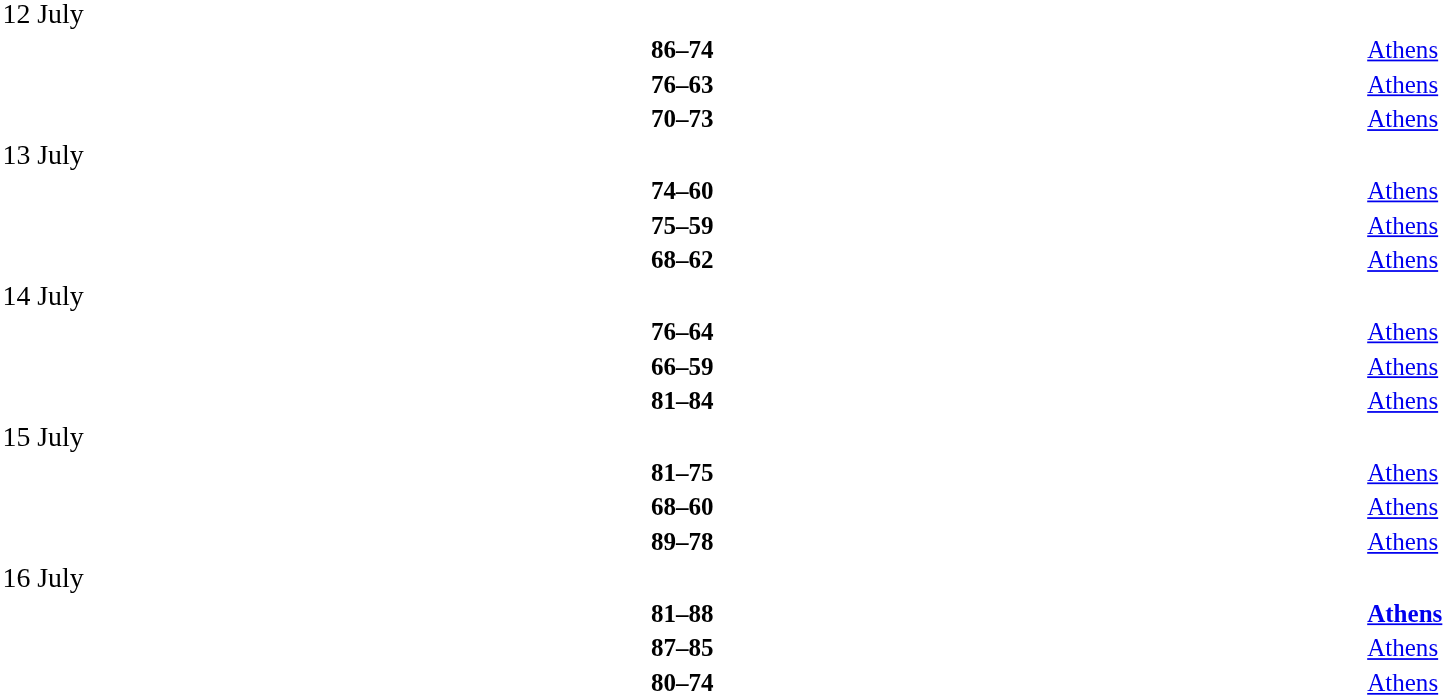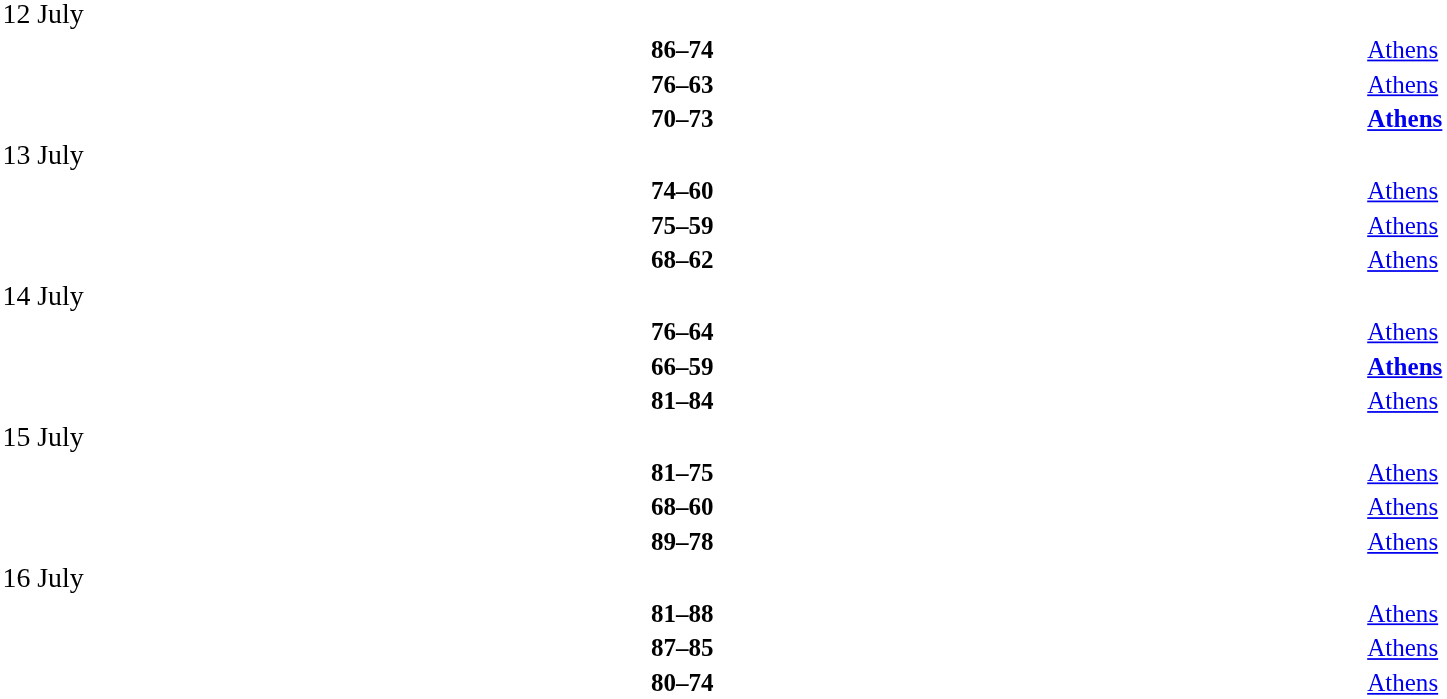 <table style="width:100%;" cellspacing="1">
 <tr>
 <th width=25%></th>
 <th width=3%></th>
 <th width=6%></th>
 <th width=3%></th>
 <th width=25%></th>
 </tr>
 <tr>
 <td>12 July</td>
 </tr>
 <tr style=font-size:90%>
 <td align=right><strong></strong></td>
 <td></td>
 <td align=center><strong>86–74</strong></td>
 <td></td>
 <td><strong></strong></td>
 <td><a href='#'>Athens</a></td>
 </tr>
 <tr style=font-size:90%>
 <td align=right><strong></strong></td>
 <td></td>
 <td align=center><strong>76–63</strong></td>
 <td></td>
 <td><strong></strong></td>
 <td><a href='#'>Athens</a></td>
 </tr>
 <tr style=font-size:90%>
 <td align=right><strong></strong></td>
 <td></td>
 <td align=center><strong>70–73</strong></td>
 <td></td>
 <td><strong></strong></td>
-<td><a href='#'>Athens</a></td>
+<td><strong><a href='#'>Athens</a></strong></td>
 </tr>
 <tr>
 <td>13 July</td>
 </tr>
 <tr style=font-size:90%>
 <td align=right><strong></strong></td>
 <td></td>
 <td align=center><strong>74–60</strong></td>
 <td></td>
 <td><strong></strong></td>
 <td><a href='#'>Athens</a></td>
 </tr>
 <tr style=font-size:90%>
 <td align=right><strong></strong></td>
 <td></td>
 <td align=center><strong>75–59</strong></td>
 <td></td>
 <td><strong></strong></td>
 <td><a href='#'>Athens</a></td>
 </tr>
 <tr style=font-size:90%>
 <td align=right><strong></strong></td>
 <td></td>
 <td align=center><strong>68–62</strong></td>
 <td></td>
 <td><strong></strong></td>
 <td><a href='#'>Athens</a></td>
 </tr>
 <tr>
 <td>14 July</td>
 </tr>
 <tr style=font-size:90%>
 <td align=right><strong></strong></td>
 <td></td>
 <td align=center><strong>76–64</strong></td>
 <td></td>
 <td><strong></strong></td>
 <td><a href='#'>Athens</a></td>
 </tr>
 <tr style=font-size:90%>
 <td align=right><strong></strong></td>
 <td></td>
 <td align=center><strong>66–59</strong></td>
 <td></td>
 <td><strong></strong></td>
-<td><a href='#'>Athens</a></td>
+<td><strong><a href='#'>Athens</a></strong></td>
 </tr>
 <tr style=font-size:90%>
 <td align=right><strong></strong></td>
 <td></td>
 <td align=center><strong>81–84</strong></td>
 <td></td>
 <td><strong></strong></td>
 <td><a href='#'>Athens</a></td>
 </tr>
 <tr>
 <td>15 July</td>
 </tr>
 <tr style=font-size:90%>
 <td align=right><strong></strong></td>
 <td></td>
 <td align=center><strong>81–75</strong></td>
 <td></td>
 <td><strong></strong></td>
 <td><a href='#'>Athens</a></td>
 </tr>
 <tr style=font-size:90%>
 <td align=right><strong></strong></td>
 <td></td>
 <td align=center><strong>68–60</strong></td>
 <td></td>
 <td><strong></strong></td>
 <td><a href='#'>Athens</a></td>
 </tr>
 <tr style=font-size:90%>
 <td align=right><strong></strong></td>
 <td></td>
 <td align=center><strong>89–78</strong></td>
 <td></td>
 <td><strong></strong></td>
 <td><a href='#'>Athens</a></td>
 </tr>
 <tr>
 <td>16 July</td>
 </tr>
 <tr style=font-size:90%>
 <td align=right><strong></strong></td>
 <td></td>
 <td align=center><strong>81–88</strong></td>
 <td></td>
 <td><strong></strong></td>
-<td><strong><a href='#'>Athens</a></strong></td>
+<td><a href='#'>Athens</a></td>
 </tr>
 <tr style=font-size:90%>
 <td align=right><strong></strong></td>
 <td></td>
 <td align=center><strong>87–85</strong></td>
 <td></td>
 <td><strong></strong></td>
 <td><a href='#'>Athens</a></td>
 </tr>
 <tr style=font-size:90%>
 <td align=right><strong></strong></td>
 <td></td>
 <td align=center><strong>80–74</strong></td>
 <td></td>
 <td><strong></strong></td>
 <td><a href='#'>Athens</a></td>
 </tr>
 </table>
